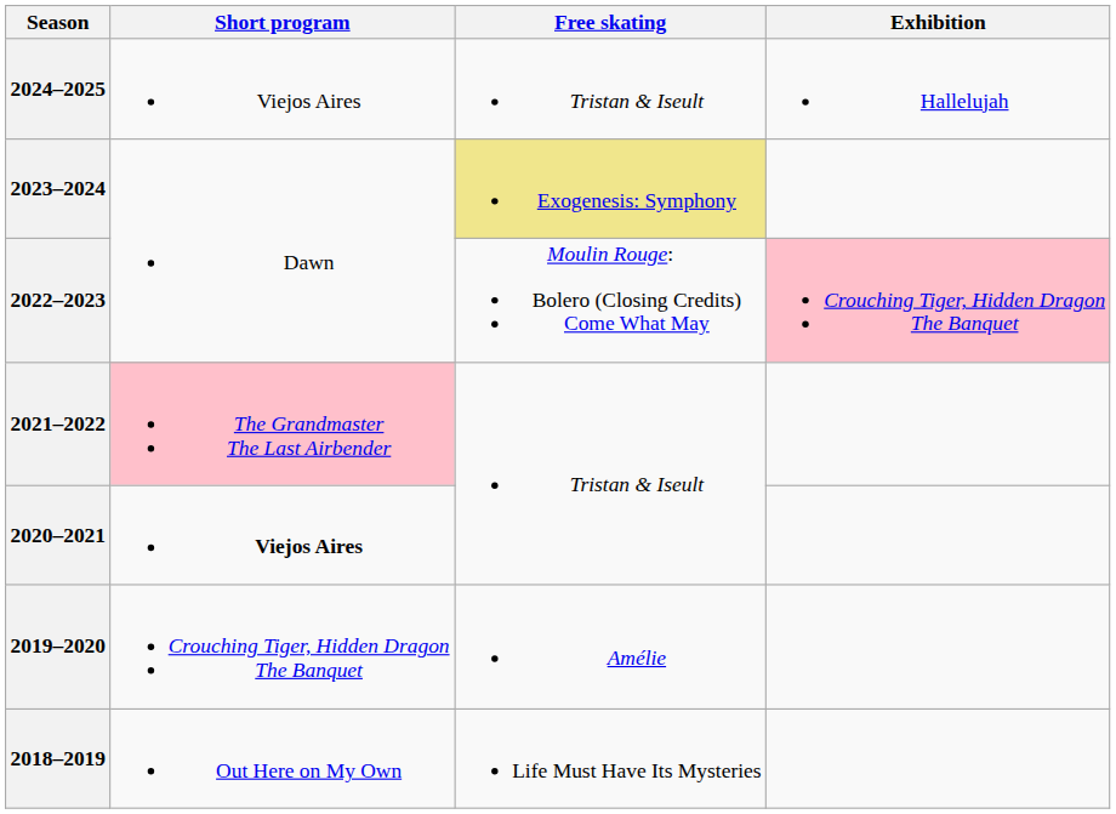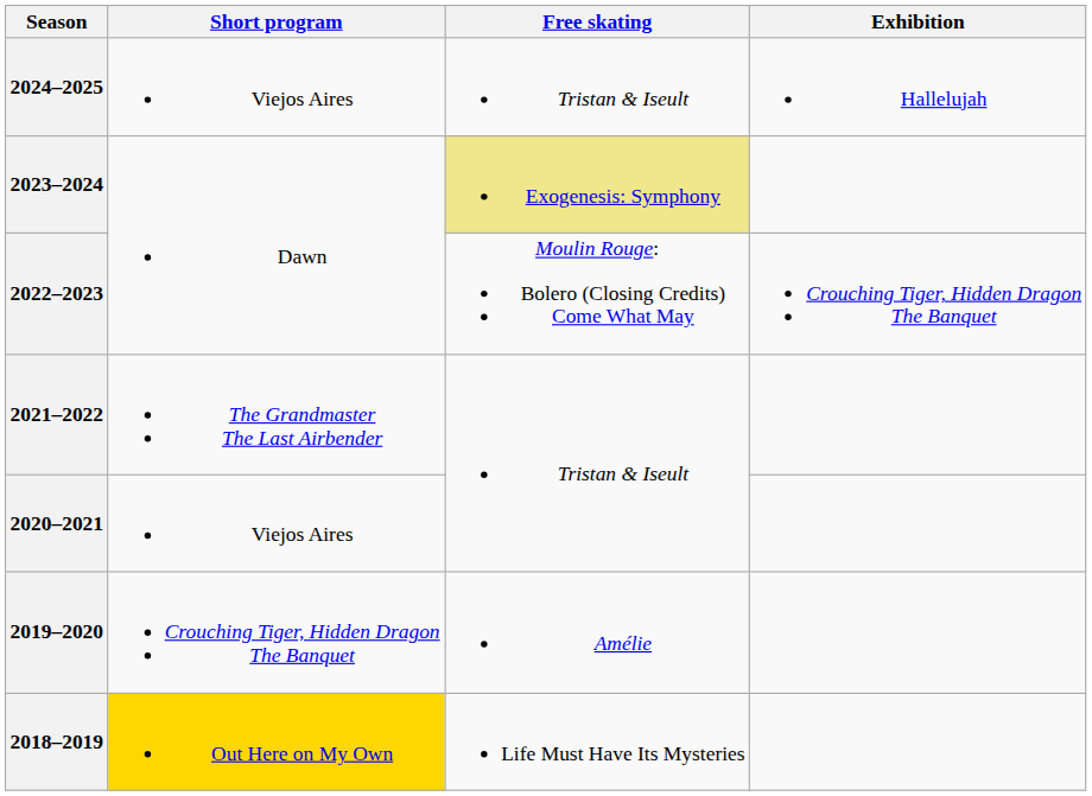 <table class="wikitable" style="text-align:center">
 <tr>
 <th>Season</th>
 <th><a href='#'>Short program</a></th>
 <th><a href='#'>Free skating</a></th>
 <th>Exhibition</th>
 </tr>
 <tr>
 <th>2024–2025 <br> </th>
 <td><br><ul><li>Viejos Aires<br></li></ul></td>
 <td><br><ul><li><em>Tristan & Iseult</em><br></li></ul></td>
 <td><br><ul><li><a href='#'>Hallelujah</a> <br> </li></ul></td>
 </tr>
 <tr>
 <th>2023–2024 <br> </th>
 <td rowspan=2><br><ul><li>Dawn <br> </li></ul></td>
 <td style="background: khaki;"><br><ul><li><a href='#'>Exogenesis: Symphony</a> <br> </li></ul></td>
 <td></td>
 </tr>
 <tr>
 <th>2022–2023 <br> </th>
 <td><em><a href='#'>Moulin Rouge</a></em>:<br><ul><li>Bolero (Closing Credits) <br> </li><li><a href='#'>Come What May</a> <br></li></ul></td>
-<td style="background: pink;"><br><ul><li><em><a href='#'>Crouching Tiger, Hidden Dragon</a></em></li><li><em><a href='#'>The Banquet</a></em><br></li></ul></td>
+<td><br><ul><li><em><a href='#'>Crouching Tiger, Hidden Dragon</a></em></li><li><em><a href='#'>The Banquet</a></em><br></li></ul></td>
 </tr>
 <tr>
 <th>2021–2022 <br> </th>
-<td style="background: pink;"><br><ul><li><em><a href='#'>The Grandmaster</a></em> <br></li><li><em><a href='#'>The Last Airbender</a></em> <br> </li></ul></td>
+<td><br><ul><li><em><a href='#'>The Grandmaster</a></em> <br></li><li><em><a href='#'>The Last Airbender</a></em> <br> </li></ul></td>
 <td rowspan=2><br><ul><li><em>Tristan & Iseult</em><br></li></ul></td>
 <td></td>
 </tr>
 <tr>
 <th>2020–2021<br></th>
-<td><strong><br><ul><li>Viejos Aires<br></li></ul></strong></td>
+<td><br><ul><li>Viejos Aires<br></li></ul></td>
 <td></td>
 </tr>
 <tr>
 <th>2019–2020 <br> </th>
 <td><br><ul><li><em><a href='#'>Crouching Tiger, Hidden Dragon</a></em></li><li><em><a href='#'>The Banquet</a></em><br></li></ul></td>
 <td><br><ul><li><em><a href='#'>Amélie</a></em><br></li></ul></td>
 <td></td>
 </tr>
 <tr>
 <th>2018–2019<br></th>
-<td><br><ul><li><a href='#'>Out Here on My Own</a><br></li></ul></td>
+<td style="background: gold;"><br><ul><li><a href='#'>Out Here on My Own</a><br></li></ul></td>
 <td><br><ul><li>Life Must Have Its Mysteries<br></li></ul></td>
 <td></td>
 </tr>
 </table>
